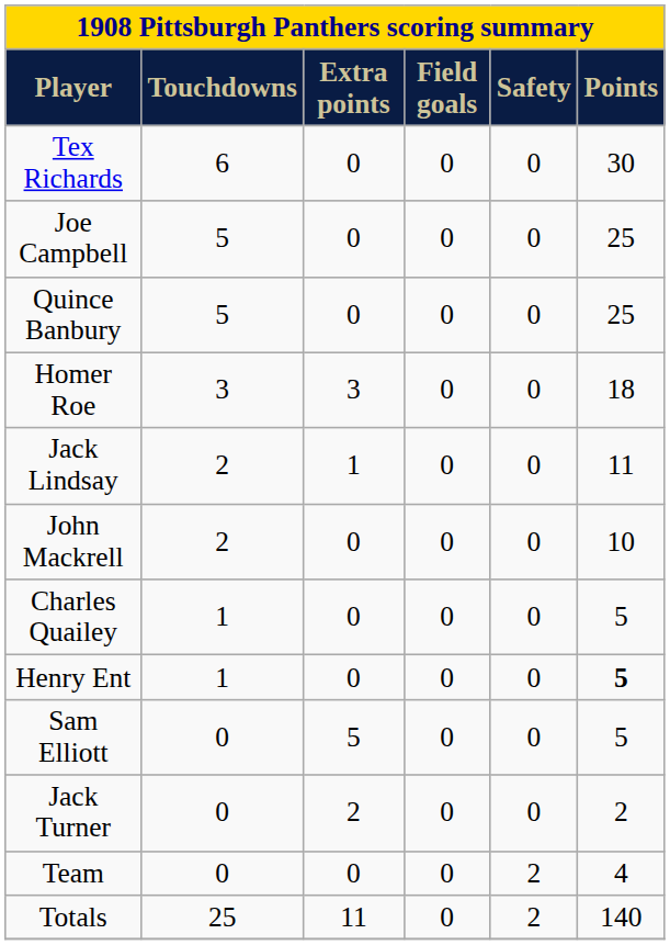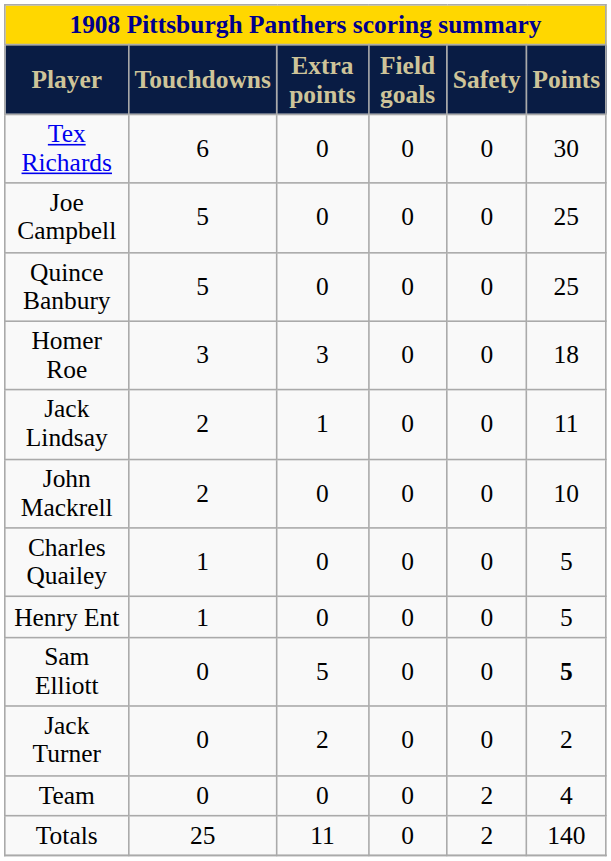 <table class="wikitable" width="30%">
 <tr>
 <th colspan="10" style="background:gold; color:darkblue; text-align: center;"><strong>1908 Pittsburgh Panthers scoring summary</strong></th>
 </tr>
 <tr align="center"  style="background:#091C44;color:#CEC499;">
 <td><strong>Player</strong></td>
 <td><strong>Touchdowns</strong></td>
 <td><strong>Extra points</strong></td>
 <td><strong>Field goals</strong></td>
 <td><strong>Safety</strong></td>
 <td><strong>Points</strong></td>
 </tr>
 <tr align="center" bgcolor="">
 <td><a href='#'>Tex Richards</a></td>
 <td>6</td>
 <td>0</td>
 <td>0</td>
 <td>0</td>
 <td>30</td>
 </tr>
 <tr align="center" bgcolor="">
 <td>Joe Campbell</td>
 <td>5</td>
 <td>0</td>
 <td>0</td>
 <td>0</td>
 <td>25</td>
 </tr>
 <tr align="center" bgcolor="">
 <td>Quince Banbury</td>
 <td>5</td>
 <td>0</td>
 <td>0</td>
 <td>0</td>
 <td>25</td>
 </tr>
 <tr align="center" bgcolor="">
 <td>Homer Roe</td>
 <td>3</td>
 <td>3</td>
 <td>0</td>
 <td>0</td>
 <td>18</td>
 </tr>
 <tr align="center" bgcolor="">
 <td>Jack Lindsay</td>
 <td>2</td>
 <td>1</td>
 <td>0</td>
 <td>0</td>
 <td>11</td>
 </tr>
 <tr align="center" bgcolor="">
 <td>John Mackrell</td>
 <td>2</td>
 <td>0</td>
 <td>0</td>
 <td>0</td>
 <td>10</td>
 </tr>
 <tr align="center" bgcolor="">
 <td>Charles Quailey</td>
 <td>1</td>
 <td>0</td>
 <td>0</td>
 <td>0</td>
 <td>5</td>
 </tr>
 <tr align="center" bgcolor="">
 <td>Henry Ent</td>
 <td>1</td>
 <td>0</td>
 <td>0</td>
 <td>0</td>
-<td><strong>5</strong></td>
+<td>5</td>
 </tr>
 <tr align="center" bgcolor="">
 <td>Sam Elliott</td>
 <td>0</td>
 <td>5</td>
 <td>0</td>
 <td>0</td>
-<td>5</td>
+<td><strong>5</strong></td>
 </tr>
 <tr align="center" bgcolor="">
 <td>Jack Turner</td>
 <td>0</td>
 <td>2</td>
 <td>0</td>
 <td>0</td>
 <td>2</td>
 </tr>
 <tr align="center" bgcolor="">
 <td>Team</td>
 <td>0</td>
 <td>0</td>
 <td>0</td>
 <td>2</td>
 <td>4</td>
 </tr>
 <tr align="center" bgcolor="">
 <td>Totals</td>
 <td>25</td>
 <td>11</td>
 <td>0</td>
 <td>2</td>
 <td>140</td>
 </tr>
 <tr align="center" bgcolor="">
 </tr>
 </table>
